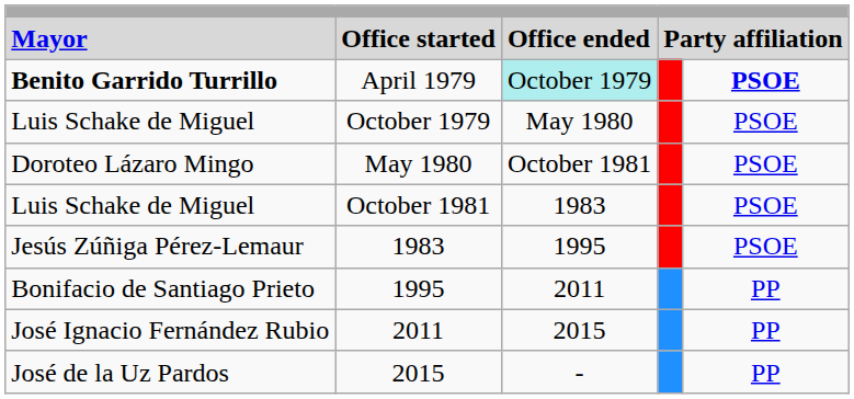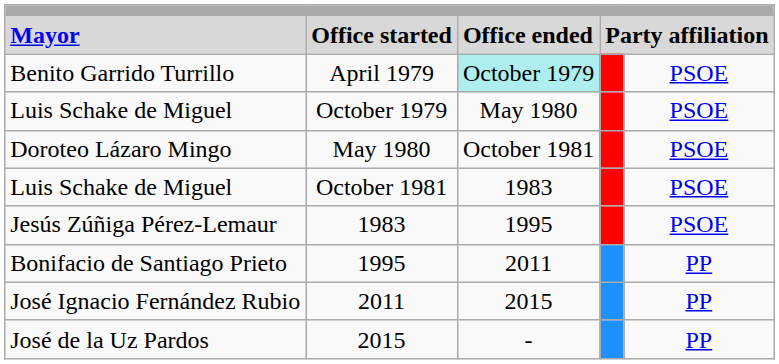 <table class="wikitable">
 <tr bgcolor="#a9a9a9 ">
 <td colspan="8"></td>
 </tr>
 <tr bgcolor="#d8d8d8">
 <td><strong><a href='#'>Mayor</a></strong></td>
 <td><strong>Office started</strong></td>
 <td><strong>Office ended</strong></td>
 <td colspan="2"><strong>Party affiliation</strong></td>
 </tr>
 <tr>
-<td><strong>Benito Garrido Turrillo</strong></td>
+<td>Benito Garrido Turrillo</td>
 <td align="center">April 1979</td>
 <td align="center" style="background: paleturquoise;">October 1979</td>
 <td style="color:inherit;background:#ff0000"></td>
-<td align="center"><strong><a href='#'>PSOE</a> </strong></td>
+<td align="center"><a href='#'>PSOE</a> </td>
 </tr>
 <tr>
 <td>Luis Schake de Miguel</td>
 <td align="center">October 1979</td>
 <td align="center">May 1980</td>
 <td style="color:inherit;background:#ff0000"></td>
 <td align="center"><a href='#'>PSOE</a> </td>
 </tr>
 <tr>
 <td>Doroteo Lázaro Mingo</td>
 <td align="center">May 1980</td>
 <td align="center">October 1981</td>
 <td style="color:inherit;background:#ff0000"></td>
 <td align="center"><a href='#'>PSOE</a> </td>
 </tr>
 <tr>
 <td>Luis Schake de Miguel</td>
 <td align="center">October 1981</td>
 <td align="center">1983</td>
 <td style="color:inherit;background:#ff0000"></td>
 <td align="center"><a href='#'>PSOE</a> </td>
 </tr>
 <tr>
 <td>Jesús Zúñiga Pérez-Lemaur</td>
 <td align="center">1983</td>
 <td align="center">1995</td>
 <td style="color:inherit;background:#ff0000"></td>
 <td align="center"><a href='#'>PSOE</a> </td>
 </tr>
 <tr>
 <td>Bonifacio de Santiago Prieto</td>
 <td align="center">1995</td>
 <td align="center">2011</td>
 <td style="color:inherit;background:#1e90ff"></td>
 <td align="center"><a href='#'>PP</a> </td>
 </tr>
 <tr>
 <td>José Ignacio Fernández Rubio</td>
 <td align="center">2011</td>
 <td align="center">2015</td>
 <td style="color:inherit;background:#1e90ff"></td>
 <td align="center"><a href='#'>PP</a> </td>
 </tr>
 <tr>
 <td>José de la Uz Pardos</td>
 <td align="center">2015</td>
 <td align="center">-</td>
 <td style="color:inherit;background:#1e90ff"></td>
 <td align="center"><a href='#'>PP</a> </td>
 </tr>
 </table>
